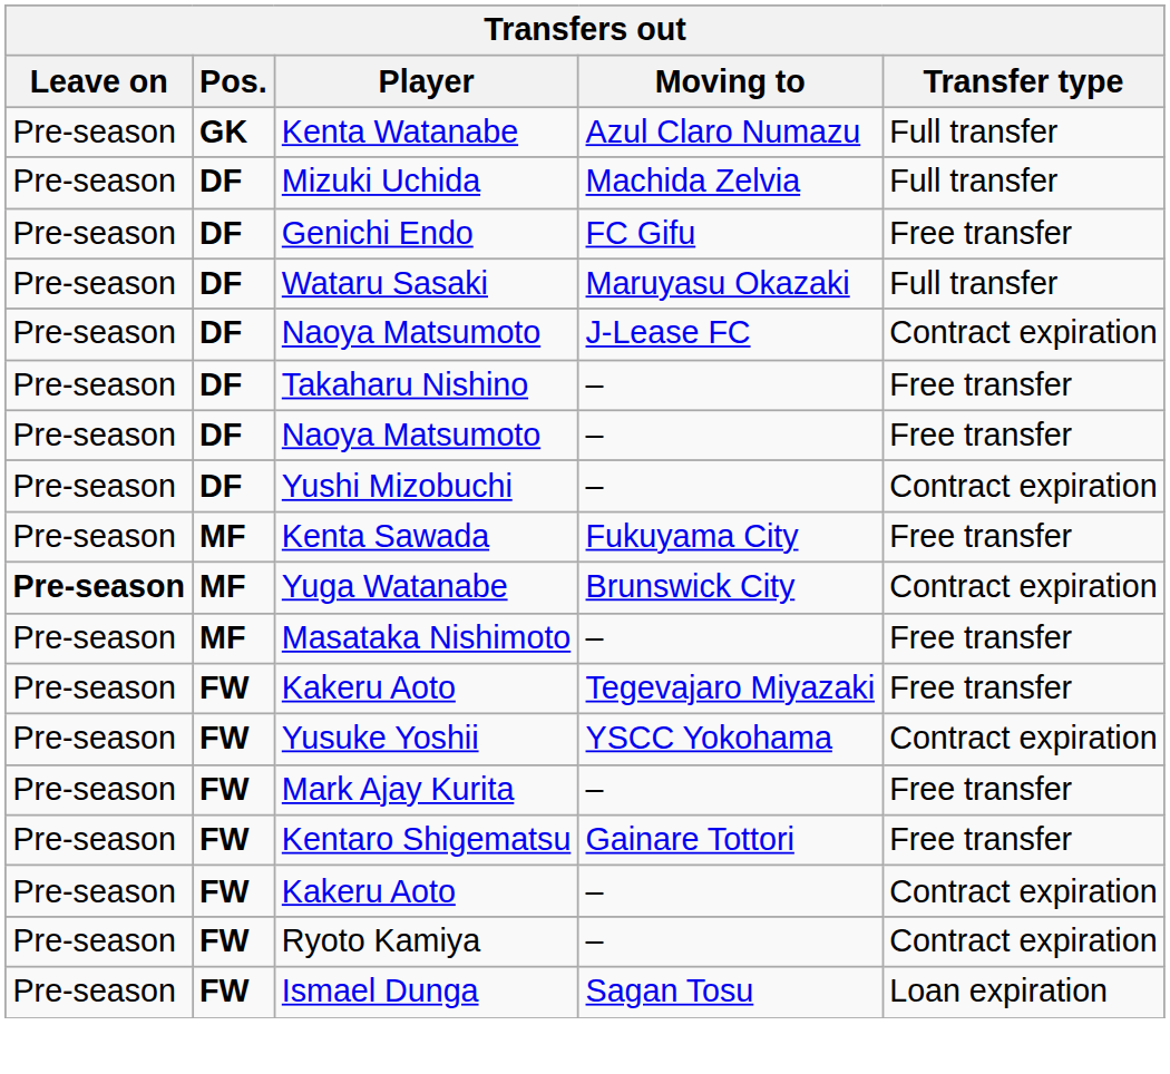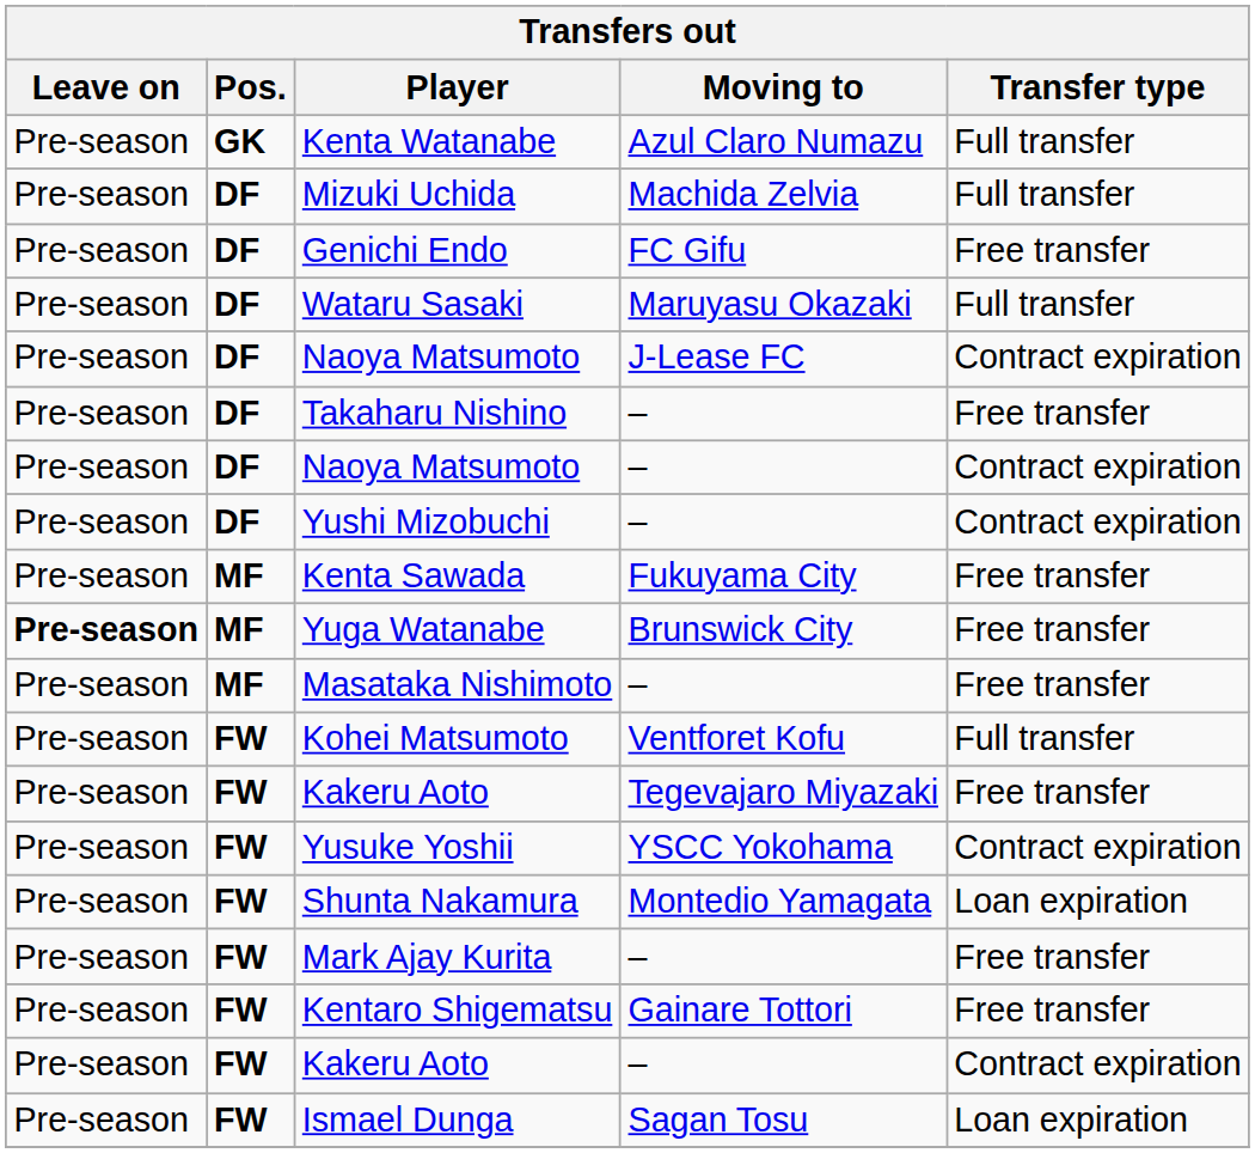 <table class="wikitable sortable" style=“text-align:left;>
 <tr>
 <th colspan="5">Transfers out</th>
 </tr>
 <tr>
 <th>Leave on</th>
 <th>Pos.</th>
 <th>Player</th>
 <th>Moving to</th>
 <th>Transfer type</th>
 </tr>
 <tr>
 <td>Pre-season</td>
 <td><strong>GK</strong></td>
 <td> <a href='#'>Kenta Watanabe</a></td>
 <td> <a href='#'>Azul Claro Numazu</a></td>
 <td>Full transfer</td>
 </tr>
 <tr>
 <td>Pre-season</td>
 <td><strong>DF</strong></td>
 <td> <a href='#'>Mizuki Uchida</a></td>
 <td> <a href='#'>Machida Zelvia</a></td>
 <td>Full transfer</td>
 </tr>
 <tr>
 <td>Pre-season</td>
 <td><strong>DF</strong></td>
 <td> <a href='#'>Genichi Endo</a></td>
 <td> <a href='#'>FC Gifu</a></td>
 <td>Free transfer</td>
 </tr>
 <tr>
 <td>Pre-season</td>
 <td><strong>DF</strong></td>
 <td> <a href='#'>Wataru Sasaki</a></td>
 <td> <a href='#'>Maruyasu Okazaki</a></td>
 <td>Full transfer</td>
 </tr>
 <tr>
 <td>Pre-season</td>
 <td><strong>DF</strong></td>
 <td> <a href='#'>Naoya Matsumoto</a></td>
 <td> <a href='#'>J-Lease FC</a></td>
 <td>Contract expiration</td>
 </tr>
 <tr>
 <td>Pre-season</td>
 <td><strong>DF</strong></td>
 <td> <a href='#'>Takaharu Nishino</a></td>
 <td>–</td>
 <td>Free transfer</td>
 </tr>
 <tr>
 <td>Pre-season</td>
 <td><strong>DF</strong></td>
 <td> <a href='#'>Naoya Matsumoto</a></td>
 <td>–</td>
-<td>Free transfer</td>
+<td>Contract expiration</td>
 </tr>
 <tr>
 <td>Pre-season</td>
 <td><strong>DF</strong></td>
 <td> <a href='#'>Yushi Mizobuchi</a></td>
 <td>–</td>
 <td>Contract expiration</td>
 </tr>
 <tr>
 <td>Pre-season</td>
 <td><strong>MF</strong></td>
 <td> <a href='#'>Kenta Sawada</a></td>
 <td> <a href='#'>Fukuyama City</a></td>
 <td>Free transfer</td>
 </tr>
 <tr>
 <td><strong>Pre-season</strong></td>
 <td><strong>MF</strong></td>
 <td> <a href='#'>Yuga Watanabe</a></td>
 <td> <a href='#'>Brunswick City</a></td>
-<td>Contract expiration</td>
+<td>Free transfer</td>
 </tr>
 <tr>
 <td>Pre-season</td>
 <td><strong>MF</strong></td>
 <td> <a href='#'>Masataka Nishimoto</a></td>
 <td>–</td>
 <td>Free transfer</td>
+</tr>
+<tr>
+<td>Pre-season</td>
+<td><strong>FW</strong></td>
+<td> <a href='#'>Kohei Matsumoto</a></td>
+<td> <a href='#'>Ventforet Kofu</a></td>
+<td>Full transfer</td>
 </tr>
 <tr>
 <td>Pre-season</td>
 <td><strong>FW</strong></td>
 <td> <a href='#'>Kakeru Aoto</a></td>
 <td> <a href='#'>Tegevajaro Miyazaki</a></td>
 <td>Free transfer</td>
 </tr>
 <tr>
 <td>Pre-season</td>
 <td><strong>FW</strong></td>
 <td> <a href='#'>Yusuke Yoshii</a></td>
 <td> <a href='#'>YSCC Yokohama</a></td>
 <td>Contract expiration</td>
+</tr>
+<tr>
+<td>Pre-season</td>
+<td><strong>FW</strong></td>
+<td> <a href='#'>Shunta Nakamura</a></td>
+<td> <a href='#'>Montedio Yamagata</a></td>
+<td>Loan expiration</td>
 </tr>
 <tr>
 <td>Pre-season</td>
 <td><strong>FW</strong></td>
 <td> <a href='#'>Mark Ajay Kurita</a></td>
 <td>–</td>
 <td>Free transfer</td>
 </tr>
 <tr>
 <td>Pre-season</td>
 <td><strong>FW</strong></td>
 <td> <a href='#'>Kentaro Shigematsu</a></td>
 <td> <a href='#'>Gainare Tottori</a></td>
 <td>Free transfer</td>
 </tr>
 <tr>
 <td>Pre-season</td>
 <td><strong>FW</strong></td>
 <td> <a href='#'>Kakeru Aoto</a></td>
 <td>–</td>
 <td>Contract expiration</td>
 </tr>
 <tr>
 <td>Pre-season</td>
 <td><strong>FW</strong></td>
-<td> Ryoto Kamiya</td>
-<td>–</td>
-<td>Contract expiration</td>
-</tr>
-<tr>
-<td>Pre-season</td>
-<td><strong>FW</strong></td>
 <td> <a href='#'>Ismael Dunga</a></td>
 <td> <a href='#'>Sagan Tosu</a></td>
 <td>Loan expiration</td>
 </tr>
 <tr>
 </tr>
 </table>
